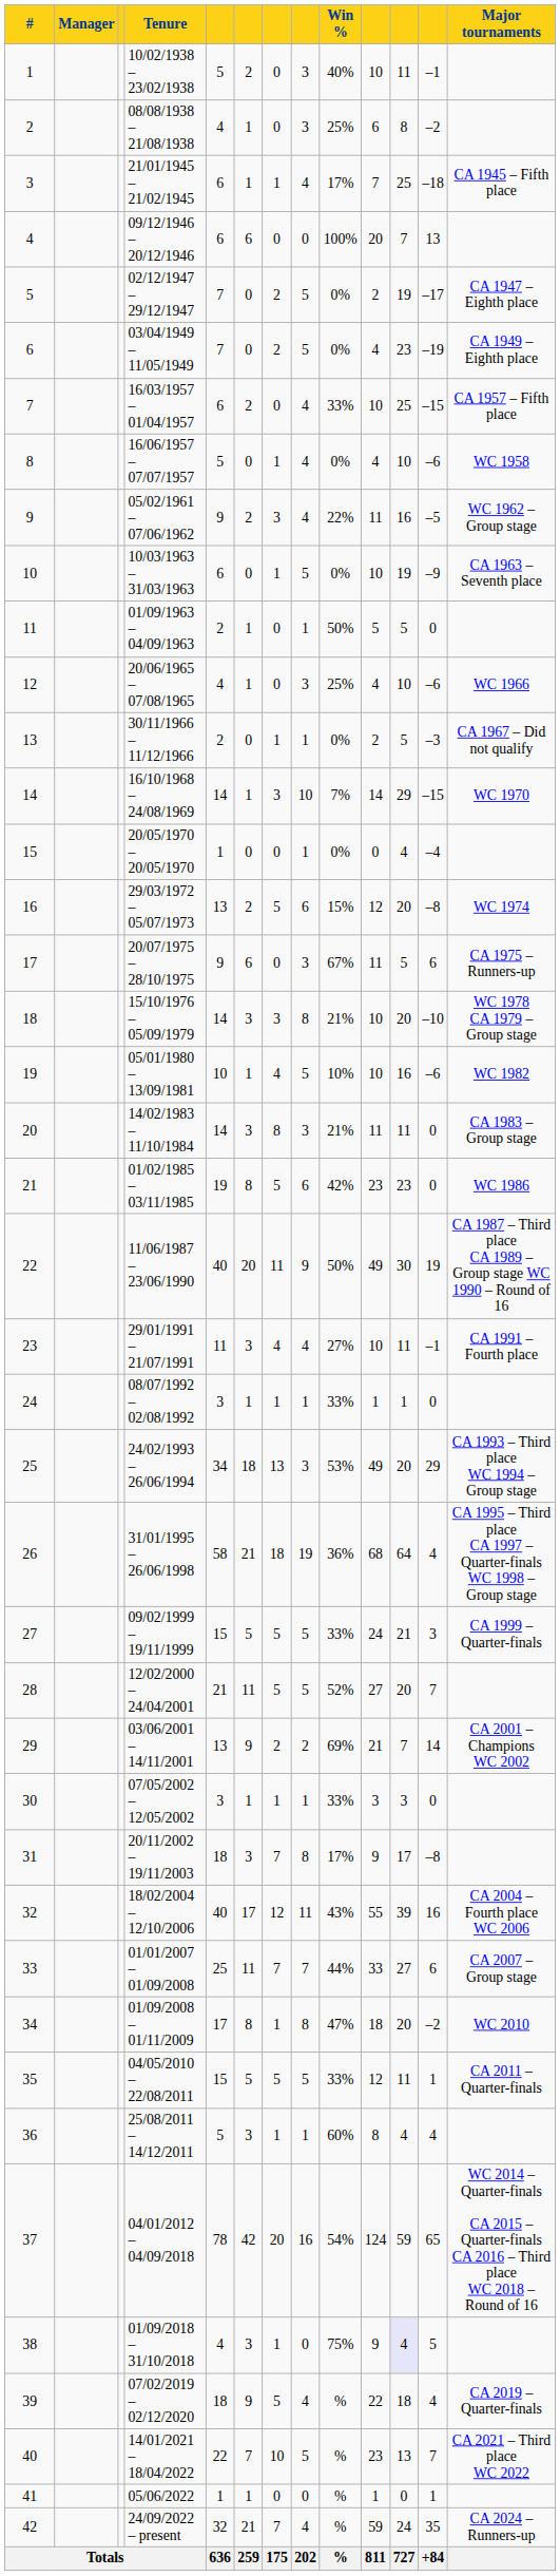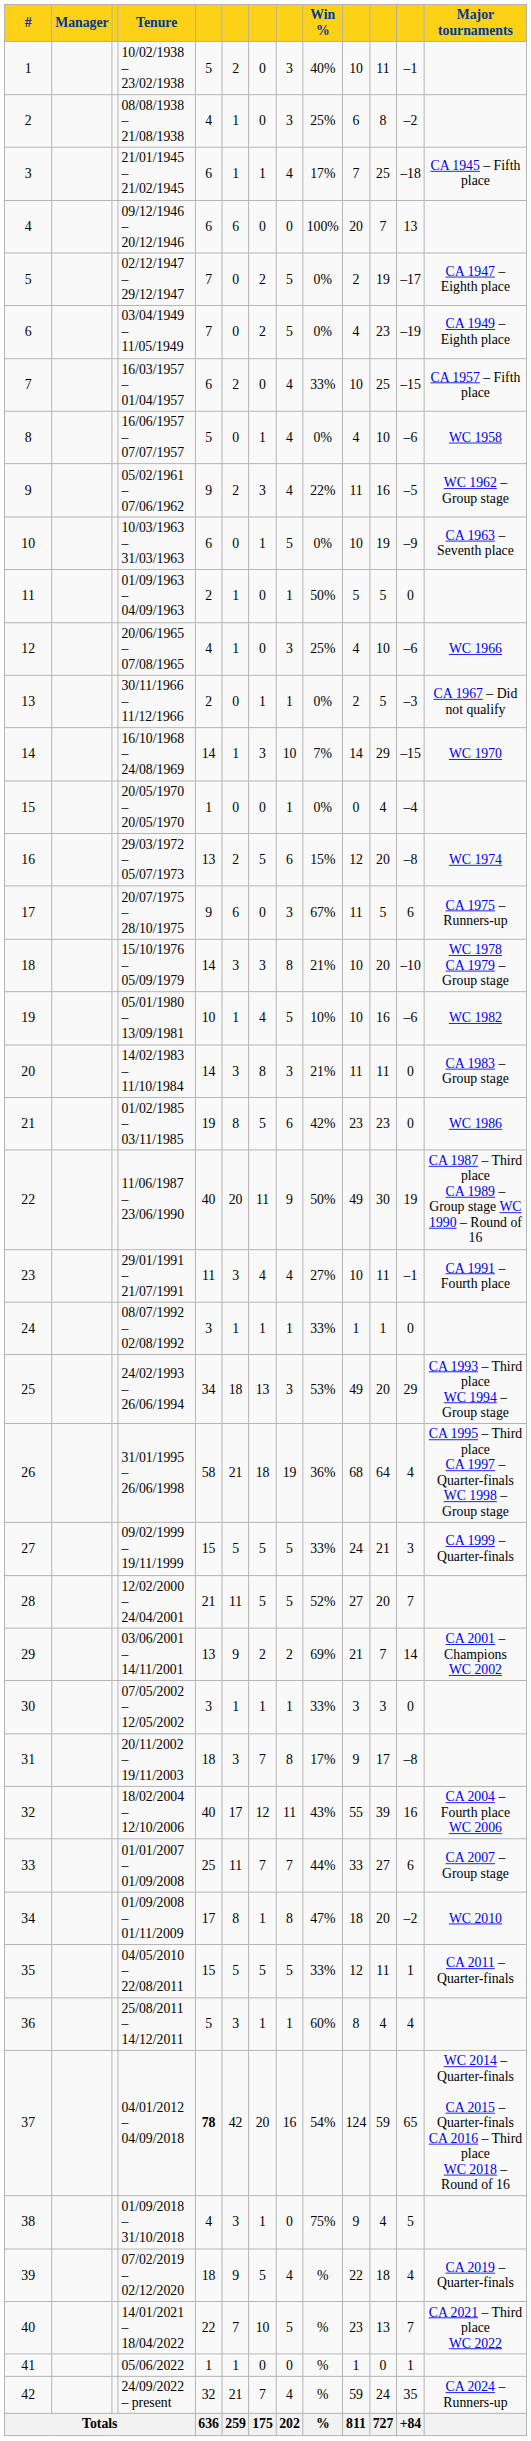 <table class="wikitable collapsible sortable plainrowheaders" cellpadding="3" style="text-align: center;">
 <tr style="color:#003893">
 <th style="background-color:#FCD116; width:3em;">#</th>
 <th style="background-color:#FCD116">Manager</th>
 <th style="background-color:#FCD116"></th>
 <th style="background-color:#FCD116">Tenure</th>
 <th style="background-color:#FCD116"></th>
 <th style="background-color:#FCD116"></th>
 <th style="background-color:#FCD116"></th>
 <th style="background-color:#FCD116"></th>
 <th style="background-color:#FCD116">Win %</th>
 <th style="background-color:#FCD116"></th>
 <th style="background-color:#FCD116"></th>
 <th style="background-color:#FCD116"></th>
 <th style="background-color:#FCD116" class="unsortable">Major tournaments</th>
 </tr>
 <tr>
 <td>1</td>
 <td style="text-align: left;"></td>
 <td></td>
 <td style="text-align:left;">10/02/1938 – 23/02/1938</td>
 <td>5</td>
 <td>2</td>
 <td>0</td>
 <td>3</td>
 <td>40%</td>
 <td>10</td>
 <td>11</td>
 <td>–1</td>
 <td></td>
 </tr>
 <tr>
 <td>2</td>
 <td style="text-align: left;"></td>
 <td></td>
 <td style="text-align:left;">08/08/1938 – 21/08/1938</td>
 <td>4</td>
 <td>1</td>
 <td>0</td>
 <td>3</td>
 <td>25%</td>
 <td>6</td>
 <td>8</td>
 <td>–2</td>
 <td></td>
 </tr>
 <tr>
 <td>3</td>
 <td style="text-align: left;"></td>
 <td></td>
 <td style="text-align:left;">21/01/1945 – 21/02/1945</td>
 <td>6</td>
 <td>1</td>
 <td>1</td>
 <td>4</td>
 <td>17%</td>
 <td>7</td>
 <td>25</td>
 <td>–18</td>
 <td><a href='#'>CA 1945</a> – Fifth place</td>
 </tr>
 <tr>
 <td>4</td>
 <td style="text-align: left;"></td>
 <td></td>
 <td style="text-align:left;">09/12/1946 – 20/12/1946</td>
 <td>6</td>
 <td>6</td>
 <td>0</td>
 <td>0</td>
 <td>100%</td>
 <td>20</td>
 <td>7</td>
 <td>13</td>
 <td></td>
 </tr>
 <tr>
 <td>5</td>
 <td style="text-align: left;"></td>
 <td> </td>
 <td style="text-align:left;">02/12/1947 – 29/12/1947</td>
 <td>7</td>
 <td>0</td>
 <td>2</td>
 <td>5</td>
 <td>0%</td>
 <td>2</td>
 <td>19</td>
 <td>–17</td>
 <td><a href='#'>CA 1947</a> – Eighth place</td>
 </tr>
 <tr>
 <td>6</td>
 <td style="text-align: left;"></td>
 <td></td>
 <td style="text-align:left;">03/04/1949 – 11/05/1949</td>
 <td>7</td>
 <td>0</td>
 <td>2</td>
 <td>5</td>
 <td>0%</td>
 <td>4</td>
 <td>23</td>
 <td>–19</td>
 <td><a href='#'>CA 1949</a> – Eighth place</td>
 </tr>
 <tr>
 <td>7</td>
 <td style="text-align: left;"></td>
 <td></td>
 <td style="text-align:left;">16/03/1957 – 01/04/1957</td>
 <td>6</td>
 <td>2</td>
 <td>0</td>
 <td>4</td>
 <td>33%</td>
 <td>10</td>
 <td>25</td>
 <td>–15</td>
 <td><a href='#'>CA 1957</a> – Fifth place</td>
 </tr>
 <tr>
 <td>8</td>
 <td style="text-align: left;"></td>
 <td></td>
 <td style="text-align:left;">16/06/1957 – 07/07/1957</td>
 <td>5</td>
 <td>0</td>
 <td>1</td>
 <td>4</td>
 <td>0%</td>
 <td>4</td>
 <td>10</td>
 <td>–6</td>
 <td> <a href='#'>WC 1958</a></td>
 </tr>
 <tr>
 <td>9</td>
 <td style="text-align: left;"></td>
 <td></td>
 <td style="text-align:left;">05/02/1961 – 07/06/1962</td>
 <td>9</td>
 <td>2</td>
 <td>3</td>
 <td>4</td>
 <td>22%</td>
 <td>11</td>
 <td>16</td>
 <td>–5</td>
 <td> <a href='#'>WC 1962</a> – Group stage</td>
 </tr>
 <tr>
 <td>10</td>
 <td style="text-align: left;"></td>
 <td></td>
 <td style="text-align:left;">10/03/1963 – 31/03/1963</td>
 <td>6</td>
 <td>0</td>
 <td>1</td>
 <td>5</td>
 <td>0%</td>
 <td>10</td>
 <td>19</td>
 <td>–9</td>
 <td><a href='#'>CA 1963</a> – Seventh place</td>
 </tr>
 <tr>
 <td>11</td>
 <td style="text-align: left;"></td>
 <td></td>
 <td style="text-align:left;">01/09/1963 – 04/09/1963</td>
 <td>2</td>
 <td>1</td>
 <td>0</td>
 <td>1</td>
 <td>50%</td>
 <td>5</td>
 <td>5</td>
 <td>0</td>
 <td></td>
 </tr>
 <tr>
 <td>12</td>
 <td style="text-align: left;"></td>
 <td></td>
 <td style="text-align:left;">20/06/1965 – 07/08/1965</td>
 <td>4</td>
 <td>1</td>
 <td>0</td>
 <td>3</td>
 <td>25%</td>
 <td>4</td>
 <td>10</td>
 <td>–6</td>
 <td> <a href='#'>WC 1966</a></td>
 </tr>
 <tr>
 <td>13</td>
 <td style="text-align: left;"></td>
 <td></td>
 <td style="text-align:left;">30/11/1966 – 11/12/1966</td>
 <td>2</td>
 <td>0</td>
 <td>1</td>
 <td>1</td>
 <td>0%</td>
 <td>2</td>
 <td>5</td>
 <td>–3</td>
 <td><a href='#'>CA 1967</a> – Did not qualify</td>
 </tr>
 <tr>
 <td>14</td>
 <td style="text-align: left;"></td>
 <td></td>
 <td style="text-align:left;">16/10/1968 – 24/08/1969</td>
 <td>14</td>
 <td>1</td>
 <td>3</td>
 <td>10</td>
 <td>7%</td>
 <td>14</td>
 <td>29</td>
 <td>–15</td>
 <td> <a href='#'>WC 1970</a></td>
 </tr>
 <tr>
 <td>15</td>
 <td style="text-align: left;"></td>
 <td></td>
 <td style="text-align:left;">20/05/1970 – 20/05/1970</td>
 <td>1</td>
 <td>0</td>
 <td>0</td>
 <td>1</td>
 <td>0%</td>
 <td>0</td>
 <td>4</td>
 <td>–4</td>
 <td></td>
 </tr>
 <tr>
 <td>16</td>
 <td style="text-align: left;"></td>
 <td></td>
 <td style="text-align:left;">29/03/1972 – 05/07/1973</td>
 <td>13</td>
 <td>2</td>
 <td>5</td>
 <td>6</td>
 <td>15%</td>
 <td>12</td>
 <td>20</td>
 <td>–8</td>
 <td> <a href='#'>WC 1974</a></td>
 </tr>
 <tr>
 <td>17</td>
 <td style="text-align: left;"></td>
 <td></td>
 <td style="text-align:left;">20/07/1975 – 28/10/1975</td>
 <td>9</td>
 <td>6</td>
 <td>0</td>
 <td>3</td>
 <td>67%</td>
 <td>11</td>
 <td>5</td>
 <td>6</td>
 <td><a href='#'>CA 1975</a> – Runners-up</td>
 </tr>
 <tr>
 <td>18</td>
 <td style="text-align: left;"></td>
 <td></td>
 <td style="text-align:left;">15/10/1976 – 05/09/1979</td>
 <td>14</td>
 <td>3</td>
 <td>3</td>
 <td>8</td>
 <td>21%</td>
 <td>10</td>
 <td>20</td>
 <td>–10</td>
 <td> <a href='#'>WC 1978</a><br><a href='#'>CA 1979</a> – Group stage</td>
 </tr>
 <tr>
 <td>19</td>
 <td style="text-align: left;"></td>
 <td></td>
 <td style="text-align:left;">05/01/1980 – 13/09/1981</td>
 <td>10</td>
 <td>1</td>
 <td>4</td>
 <td>5</td>
 <td>10%</td>
 <td>10</td>
 <td>16</td>
 <td>–6</td>
 <td> <a href='#'>WC 1982</a></td>
 </tr>
 <tr>
 <td>20</td>
 <td style="text-align: left;"></td>
 <td></td>
 <td style="text-align:left;">14/02/1983 – 11/10/1984</td>
 <td>14</td>
 <td>3</td>
 <td>8</td>
 <td>3</td>
 <td>21%</td>
 <td>11</td>
 <td>11</td>
 <td>0</td>
 <td><a href='#'>CA 1983</a> – Group stage</td>
 </tr>
 <tr>
 <td>21</td>
 <td style="text-align: left;"></td>
 <td></td>
 <td style="text-align:left;">01/02/1985 – 03/11/1985</td>
 <td>19</td>
 <td>8</td>
 <td>5</td>
 <td>6</td>
 <td>42%</td>
 <td>23</td>
 <td>23</td>
 <td>0</td>
 <td> <a href='#'>WC 1986</a></td>
 </tr>
 <tr>
 <td>22</td>
 <td style="text-align: left;"></td>
 <td></td>
 <td style="text-align:left;">11/06/1987 – 23/06/1990</td>
 <td>40</td>
 <td>20</td>
 <td>11</td>
 <td>9</td>
 <td>50%</td>
 <td>49</td>
 <td>30</td>
 <td>19</td>
 <td><a href='#'>CA 1987</a> – Third place<br><a href='#'>CA 1989</a> – Group stage  <a href='#'>WC 1990</a> – Round of 16</td>
 </tr>
 <tr>
 <td>23</td>
 <td style="text-align: left;"></td>
 <td></td>
 <td style="text-align:left;">29/01/1991 – 21/07/1991</td>
 <td>11</td>
 <td>3</td>
 <td>4</td>
 <td>4</td>
 <td>27%</td>
 <td>10</td>
 <td>11</td>
 <td>–1</td>
 <td><a href='#'>CA 1991</a> – Fourth place</td>
 </tr>
 <tr>
 <td>24</td>
 <td style="text-align: left;"></td>
 <td></td>
 <td style="text-align:left;">08/07/1992 – 02/08/1992</td>
 <td>3</td>
 <td>1</td>
 <td>1</td>
 <td>1</td>
 <td>33%</td>
 <td>1</td>
 <td>1</td>
 <td>0</td>
 <td></td>
 </tr>
 <tr>
 <td>25</td>
 <td style="text-align: left;"></td>
 <td></td>
 <td style="text-align:left;">24/02/1993 – 26/06/1994</td>
 <td>34</td>
 <td>18</td>
 <td>13</td>
 <td>3</td>
 <td>53%</td>
 <td>49</td>
 <td>20</td>
 <td>29</td>
 <td><a href='#'>CA 1993</a> – Third place<br> <a href='#'>WC 1994</a> – Group stage</td>
 </tr>
 <tr>
 <td>26</td>
 <td style="text-align: left;"></td>
 <td></td>
 <td style="text-align:left;">31/01/1995 – 26/06/1998</td>
 <td>58</td>
 <td>21</td>
 <td>18</td>
 <td>19</td>
 <td>36%</td>
 <td>68</td>
 <td>64</td>
 <td>4</td>
 <td><a href='#'>CA 1995</a> – Third place<br><a href='#'>CA 1997</a> – Quarter-finals  <a href='#'>WC 1998</a> – Group stage</td>
 </tr>
 <tr>
 <td>27</td>
 <td style="text-align: left;"></td>
 <td></td>
 <td style="text-align:left;">09/02/1999 – 19/11/1999</td>
 <td>15</td>
 <td>5</td>
 <td>5</td>
 <td>5</td>
 <td>33%</td>
 <td>24</td>
 <td>21</td>
 <td>3</td>
 <td><a href='#'>CA 1999</a> – Quarter-finals</td>
 </tr>
 <tr>
 <td>28</td>
 <td style="text-align: left;"></td>
 <td></td>
 <td style="text-align:left;">12/02/2000 – 24/04/2001</td>
 <td>21</td>
 <td>11</td>
 <td>5</td>
 <td>5</td>
 <td>52%</td>
 <td>27</td>
 <td>20</td>
 <td>7</td>
 <td></td>
 </tr>
 <tr>
 <td>29</td>
 <td style="text-align: left;"></td>
 <td></td>
 <td style="text-align:left;">03/06/2001 – 14/11/2001</td>
 <td>13</td>
 <td>9</td>
 <td>2</td>
 <td>2</td>
 <td>69%</td>
 <td>21</td>
 <td>7</td>
 <td>14</td>
 <td><a href='#'>CA 2001</a> – Champions<br> <a href='#'>WC 2002</a></td>
 </tr>
 <tr>
 <td>30</td>
 <td style="text-align: left;"></td>
 <td></td>
 <td style="text-align:left;">07/05/2002 – 12/05/2002</td>
 <td>3</td>
 <td>1</td>
 <td>1</td>
 <td>1</td>
 <td>33%</td>
 <td>3</td>
 <td>3</td>
 <td>0</td>
 <td></td>
 </tr>
 <tr>
 <td>31</td>
 <td style="text-align: left;"></td>
 <td></td>
 <td style="text-align:left;">20/11/2002 – 19/11/2003</td>
 <td>18</td>
 <td>3</td>
 <td>7</td>
 <td>8</td>
 <td>17%</td>
 <td>9</td>
 <td>17</td>
 <td>–8</td>
 <td></td>
 </tr>
 <tr>
 <td>32</td>
 <td style="text-align: left;"></td>
 <td></td>
 <td style="text-align:left;">18/02/2004 – 12/10/2006</td>
 <td>40</td>
 <td>17</td>
 <td>12</td>
 <td>11</td>
 <td>43%</td>
 <td>55</td>
 <td>39</td>
 <td>16</td>
 <td><a href='#'>CA 2004</a> – Fourth place<br> <a href='#'>WC 2006</a></td>
 </tr>
 <tr>
 <td>33</td>
 <td style="text-align: left;"></td>
 <td></td>
 <td style="text-align:left;">01/01/2007 – 01/09/2008</td>
 <td>25</td>
 <td>11</td>
 <td>7</td>
 <td>7</td>
 <td>44%</td>
 <td>33</td>
 <td>27</td>
 <td>6</td>
 <td><a href='#'>CA 2007</a> – Group stage</td>
 </tr>
 <tr>
 <td>34</td>
 <td style="text-align: left;"></td>
 <td></td>
 <td style="text-align:left;">01/09/2008 – 01/11/2009</td>
 <td>17</td>
 <td>8</td>
 <td>1</td>
 <td>8</td>
 <td>47%</td>
 <td>18</td>
 <td>20</td>
 <td>–2</td>
 <td> <a href='#'>WC 2010</a></td>
 </tr>
 <tr>
 <td>35</td>
 <td style="text-align: left;"></td>
 <td></td>
 <td style="text-align:left;">04/05/2010 – 22/08/2011</td>
 <td>15</td>
 <td>5</td>
 <td>5</td>
 <td>5</td>
 <td>33%</td>
 <td>12</td>
 <td>11</td>
 <td>1</td>
 <td><a href='#'>CA 2011</a> – Quarter-finals</td>
 </tr>
 <tr>
 <td>36</td>
 <td style="text-align: left;"></td>
 <td></td>
 <td style="text-align:left;">25/08/2011 – 14/12/2011</td>
 <td>5</td>
 <td>3</td>
 <td>1</td>
 <td>1</td>
 <td>60%</td>
 <td>8</td>
 <td>4</td>
 <td>4</td>
 <td></td>
 </tr>
 <tr>
 <td>37</td>
 <td style="text-align: left;"></td>
 <td></td>
 <td style="text-align:left;">04/01/2012 – 04/09/2018</td>
-<td>78</td>
+<td><strong>78</strong></td>
 <td>42</td>
 <td>20</td>
 <td>16</td>
 <td>54%</td>
 <td>124</td>
 <td>59</td>
 <td>65</td>
 <td> <a href='#'>WC 2014</a> – Quarter-finals<br><br><a href='#'>CA 2015</a> – Quarter-finals<br> <a href='#'>CA 2016</a> – Third place<br> <a href='#'>WC 2018</a> – Round of 16</td>
 </tr>
 <tr>
 <td>38</td>
 <td style="text-align: left;"></td>
 <td></td>
 <td style="text-align:left;">01/09/2018 – 31/10/2018</td>
 <td>4</td>
 <td>3</td>
 <td>1</td>
 <td>0</td>
 <td>75%</td>
 <td>9</td>
-<td style="background: lavender;">4</td>
+<td>4</td>
 <td>5</td>
 <td></td>
 </tr>
 <tr>
 <td>39</td>
 <td style="text-align: left;"></td>
 <td></td>
 <td style="text-align:left;">07/02/2019 – 02/12/2020</td>
 <td>18</td>
 <td>9</td>
 <td>5</td>
 <td>4</td>
 <td>%</td>
 <td>22</td>
 <td>18</td>
 <td>4</td>
 <td><a href='#'>CA 2019</a> – Quarter-finals</td>
 </tr>
 <tr>
 <td>40</td>
 <td style="text-align: left;"></td>
 <td></td>
 <td style="text-align:left;">14/01/2021 – 18/04/2022</td>
 <td>22</td>
 <td>7</td>
 <td>10</td>
 <td>5</td>
 <td>%</td>
 <td>23</td>
 <td>13</td>
 <td>7</td>
 <td><a href='#'>CA 2021</a> – Third place<br> <a href='#'>WC 2022</a></td>
 </tr>
 <tr>
 <td>41</td>
 <td style="text-align: left;"></td>
 <td></td>
 <td style="text-align:left;">05/06/2022</td>
 <td>1</td>
 <td>1</td>
 <td>0</td>
 <td>0</td>
 <td>%</td>
 <td>1</td>
 <td>0</td>
 <td>1</td>
 <td></td>
 </tr>
 <tr>
 <td>42</td>
 <td style="text-align: left;"></td>
 <td></td>
 <td style="text-align:left;">24/09/2022 – present</td>
 <td>32</td>
 <td>21</td>
 <td>7</td>
 <td>4</td>
 <td>%</td>
 <td>59</td>
 <td>24</td>
 <td>35</td>
 <td><a href='#'>CA 2024</a> – Runners-up</td>
 </tr>
 <tr class="sortbottom">
 <th colspan="4">Totals</th>
 <th>636</th>
 <th>259</th>
 <th>175</th>
 <th>202</th>
 <th>%</th>
 <th>811</th>
 <th>727</th>
 <th>+84</th>
 <th></th>
 </tr>
 </table>
